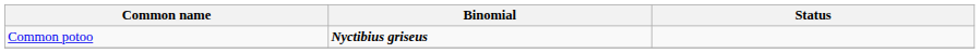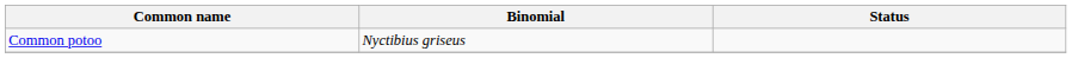 <table width=72% class="wikitable">
 <tr>
 <th width=24%>Common name</th>
 <th width=24%>Binomial</th>
 <th width=24%>Status</th>
 </tr>
 <tr>
 <td><a href='#'>Common potoo</a></td>
-<td><strong><em>Nyctibius griseus</em></strong></td>
+<td><em>Nyctibius griseus</em></td>
 <td></td>
 </tr>
 <tr>
 </tr>
 </table>
